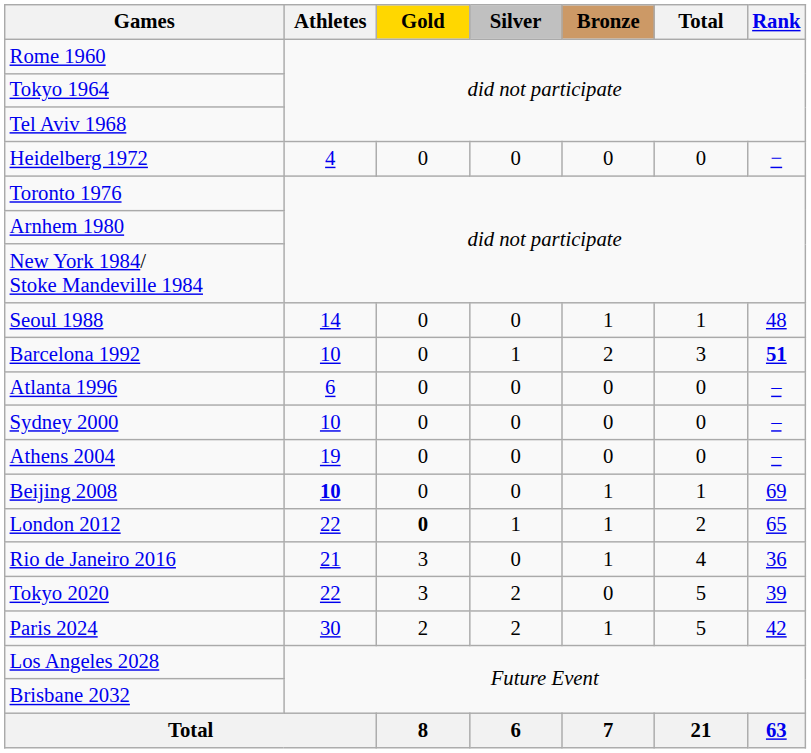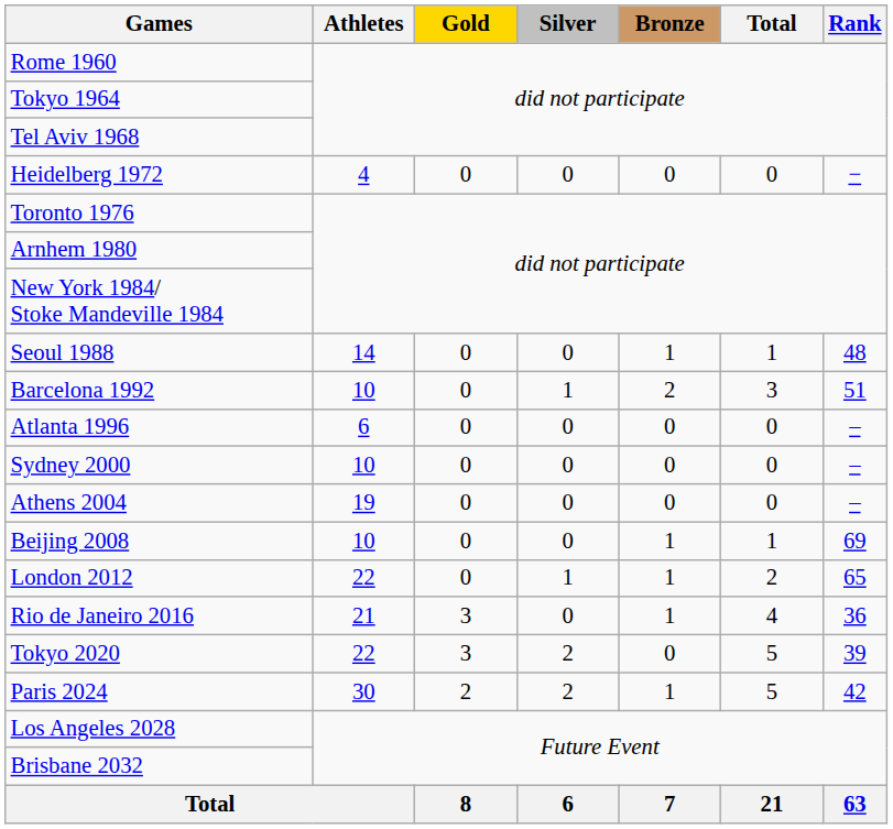 <table class="wikitable" style="text-align:center; font-size:90%;">
 <tr>
 <th style="width:13em;">Games</th>
 <th style="width:4em;">Athletes</th>
 <th style="width:4em; background:gold;">Gold</th>
 <th style="width:4em; background:silver;">Silver</th>
 <th style="width:4em; background:#cc9966;">Bronze</th>
 <th style="width:4em;">Total</th>
 <th style="width:2em;"><a href='#'>Rank</a></th>
 </tr>
 <tr>
 <td align=left> <a href='#'>Rome 1960</a></td>
 <td colspan=6 rowspan="3"><em>did not participate</em></td>
 </tr>
 <tr>
 <td align=left> <a href='#'>Tokyo 1964</a></td>
 </tr>
 <tr>
 <td align=left> <a href='#'>Tel Aviv 1968</a></td>
 </tr>
 <tr>
 <td align=left> <a href='#'>Heidelberg 1972</a></td>
 <td><a href='#'>4</a></td>
 <td>0</td>
 <td>0</td>
 <td>0</td>
 <td>0</td>
 <td><a href='#'>−</a></td>
 </tr>
 <tr>
 <td align=left> <a href='#'>Toronto 1976</a></td>
 <td colspan=6 rowspan="3"><em>did not participate</em></td>
 </tr>
 <tr>
 <td align=left> <a href='#'>Arnhem 1980</a></td>
 </tr>
 <tr>
 <td align=left> <a href='#'>New York 1984</a>/<br>  <a href='#'>Stoke Mandeville 1984</a></td>
 </tr>
 <tr>
 <td align=left> <a href='#'>Seoul 1988</a></td>
 <td><a href='#'>14</a></td>
 <td>0</td>
 <td>0</td>
 <td>1</td>
 <td>1</td>
 <td><a href='#'>48</a></td>
 </tr>
 <tr>
 <td align=left> <a href='#'>Barcelona 1992</a></td>
 <td><a href='#'>10</a></td>
 <td>0</td>
 <td>1</td>
 <td>2</td>
 <td>3</td>
-<td><strong><a href='#'>51</a></strong></td>
+<td><a href='#'>51</a></td>
 </tr>
 <tr>
 <td align=left> <a href='#'>Atlanta 1996</a></td>
 <td><a href='#'>6</a></td>
 <td>0</td>
 <td>0</td>
 <td>0</td>
 <td>0</td>
 <td><a href='#'>–</a></td>
 </tr>
 <tr>
 <td align=left> <a href='#'>Sydney 2000</a></td>
 <td><a href='#'>10</a></td>
 <td>0</td>
 <td>0</td>
 <td>0</td>
 <td>0</td>
 <td><a href='#'>–</a></td>
 </tr>
 <tr>
 <td align=left> <a href='#'>Athens 2004</a></td>
 <td><a href='#'>19</a></td>
 <td>0</td>
 <td>0</td>
 <td>0</td>
 <td>0</td>
 <td><a href='#'>–</a></td>
 </tr>
 <tr>
 <td align=left> <a href='#'>Beijing 2008</a></td>
-<td><strong><a href='#'>10</a></strong></td>
+<td><a href='#'>10</a></td>
 <td>0</td>
 <td>0</td>
 <td>1</td>
 <td>1</td>
 <td><a href='#'>69</a></td>
 </tr>
 <tr>
 <td align=left> <a href='#'>London 2012</a></td>
 <td><a href='#'>22</a></td>
-<td><strong>0</strong></td>
+<td>0</td>
 <td>1</td>
 <td>1</td>
 <td>2</td>
 <td><a href='#'>65</a></td>
 </tr>
 <tr>
 <td align=left> <a href='#'>Rio de Janeiro 2016</a></td>
 <td><a href='#'>21</a></td>
 <td>3</td>
 <td>0</td>
 <td>1</td>
 <td>4</td>
 <td><a href='#'>36</a></td>
 </tr>
 <tr>
 <td align=left> <a href='#'>Tokyo 2020</a></td>
 <td><a href='#'>22</a></td>
 <td>3</td>
 <td>2</td>
 <td>0</td>
 <td>5</td>
 <td><a href='#'>39</a></td>
 </tr>
 <tr>
 <td align=left> <a href='#'>Paris 2024</a></td>
 <td><a href='#'>30</a></td>
 <td>2</td>
 <td>2</td>
 <td>1</td>
 <td>5</td>
 <td><a href='#'>42</a></td>
 </tr>
 <tr>
 <td align=left> <a href='#'>Los Angeles 2028</a></td>
 <td colspan="6" rowspan="2"><em>Future Event</em></td>
 </tr>
 <tr>
 <td align=left> <a href='#'>Brisbane 2032</a></td>
 </tr>
 <tr>
 <th colspan=2>Total</th>
 <th>8</th>
 <th>6</th>
 <th>7</th>
 <th>21</th>
 <th><a href='#'>63</a></th>
 </tr>
 </table>
